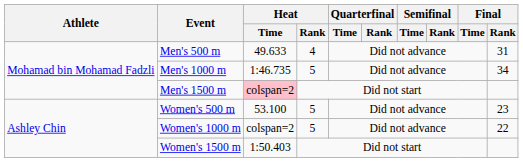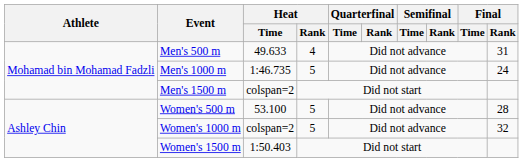 <table class="wikitable" style="font-size:90%">
 <tr>
 <th rowspan=2>Athlete</th>
 <th rowspan=2>Event</th>
 <th colspan=2>Heat</th>
 <th colspan=2>Quarterfinal</th>
 <th colspan=2>Semifinal</th>
 <th colspan=2>Final</th>
 </tr>
 <tr style="font-size:95%">
 <th>Time</th>
 <th>Rank</th>
 <th>Time</th>
 <th>Rank</th>
 <th>Time</th>
 <th>Rank</th>
 <th>Time</th>
 <th>Rank</th>
 </tr>
 <tr align=center>
 <td align=left rowspan=3><a href='#'>Mohamad bin Mohamad Fadzli</a></td>
 <td align=left><a href='#'>Men's 500 m</a></td>
 <td>49.633</td>
 <td>4</td>
 <td colspan=5>Did not advance</td>
 <td>31</td>
 </tr>
 <tr align=center>
 <td align=left><a href='#'>Men's 1000 m</a></td>
 <td>1:46.735</td>
 <td>5</td>
 <td colspan=5>Did not advance</td>
-<td>34</td>
+<td>24</td>
 </tr>
 <tr align=center>
 <td align=left><a href='#'>Men's 1500 m</a></td>
-<td style="background: pink;">colspan=2 </td>
+<td>colspan=2 </td>
 <td colspan=6>Did not start</td>
 </tr>
 <tr align=center>
 <td align=left rowspan=3><a href='#'>Ashley Chin</a></td>
 <td align=left><a href='#'>Women's 500 m</a></td>
 <td>53.100</td>
 <td>5</td>
 <td colspan=5>Did not advance</td>
-<td>23</td>
+<td>28</td>
 </tr>
 <tr align=center>
 <td align=left><a href='#'>Women's 1000 m</a></td>
 <td>colspan=2 </td>
 <td>5</td>
 <td colspan=5>Did not advance</td>
-<td>22</td>
+<td>32</td>
 </tr>
 <tr align=center>
 <td align=left><a href='#'>Women's 1500 m</a></td>
 <td>1:50.403</td>
 <td colspan=6>Did not start</td>
 </tr>
 </table>
